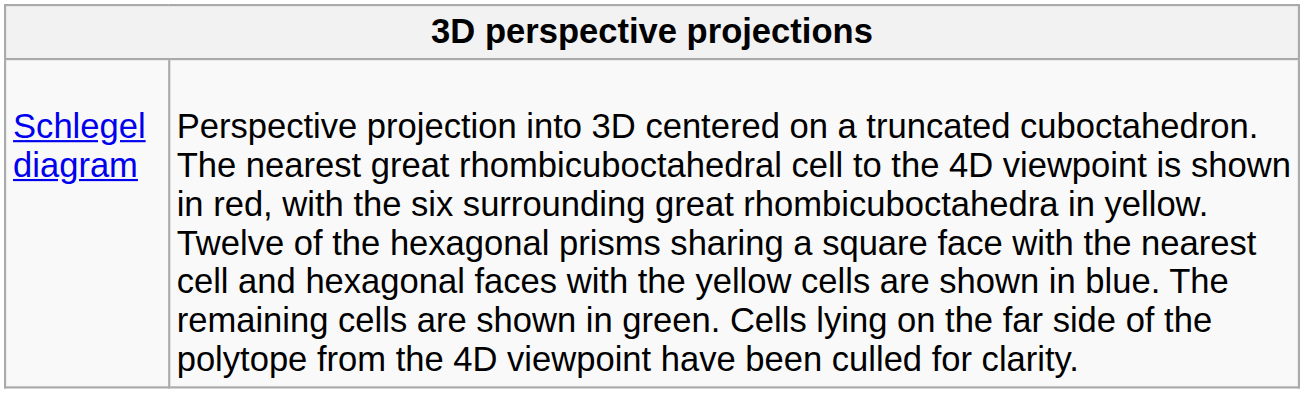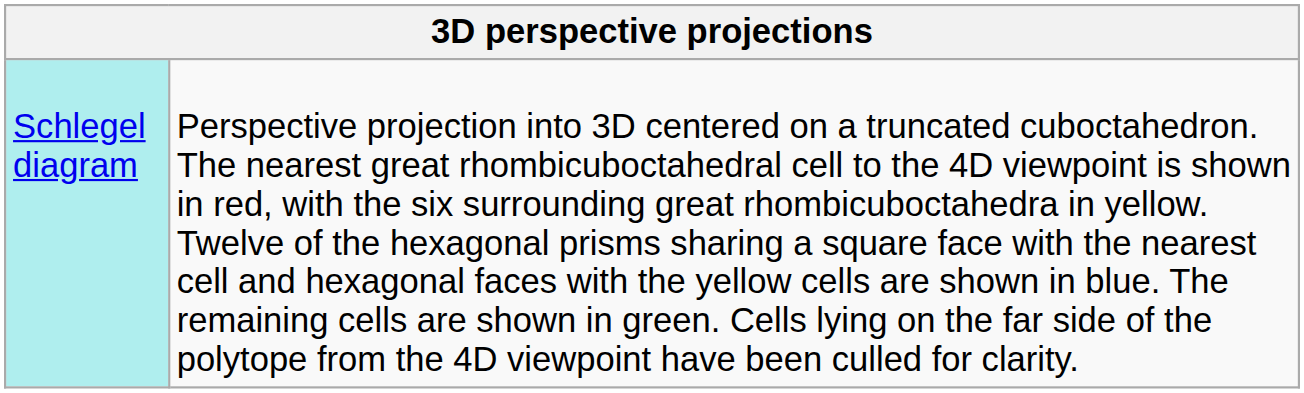 <table class="wikitable" width=600>
 <tr>
 <th colspan=2>3D perspective projections</th>
 </tr>
 <tr valign=top>
-<td><br><a href='#'>Schlegel diagram</a></td>
+<td style="background: paleturquoise;"><br><a href='#'>Schlegel diagram</a></td>
 <td><br>Perspective projection into 3D centered on a truncated cuboctahedron. The nearest great rhombicuboctahedral cell to the 4D viewpoint is shown in red, with the six surrounding great rhombicuboctahedra in yellow. Twelve of the hexagonal prisms sharing a square face with the nearest cell and hexagonal faces with the yellow cells are shown in blue. The remaining cells are shown in green. Cells lying on the far side of the polytope from the 4D viewpoint have been culled for clarity.</td>
 </tr>
 </table>
